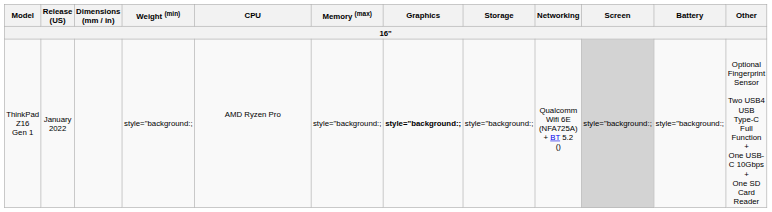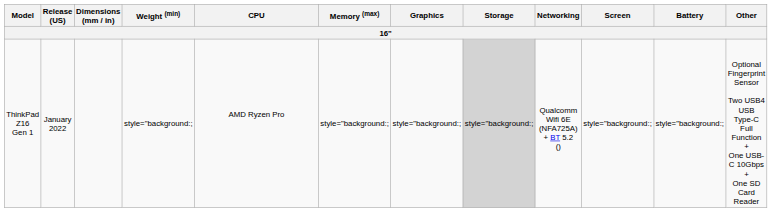 <table class="wikitable" style="font-size: 80%; text-align: center; min-width: 80%;">
 <tr>
 <th>Model</th>
 <th>Release (US)</th>
 <th>Dimensions (mm / in)</th>
 <th>Weight <sup>(min)</sup></th>
 <th style="width:17%">CPU</th>
 <th>Memory <sup>(max)</sup></th>
 <th>Graphics</th>
 <th>Storage</th>
 <th>Networking</th>
 <th>Screen</th>
 <th>Battery</th>
 <th>Other</th>
 </tr>
 <tr>
 <th colspan=12>16"</th>
 </tr>
 <tr>
 <td>ThinkPad Z16 <br>Gen 1 </td>
 <td>January 2022</td>
 <td></td>
 <td>style="background:;</td>
 <td style="background:">AMD Ryzen Pro<br><br><br></td>
 <td>style="background:;</td>
-<td><strong>style="background:;</strong></td>
 <td>style="background:;</td>
+<td style="background: lightgrey;">style="background:;</td>
 <td><br>Qualcomm Wifi 6E (NFA725A) + <a href='#'>BT</a> 5.2 <br>()<br></td>
-<td style="background: lightgrey;">style="background:;</td>
+<td>style="background:;</td>
 <td>style="background:;</td>
 <td style="background:"><br><br>Optional <br> Fingerprint Sensor<br><br>Two USB4 USB Type-C Full Function<br>+<br>One USB-C 10Gbps<br>+<br>One SD Card Reader</td>
 </tr>
 </table>
